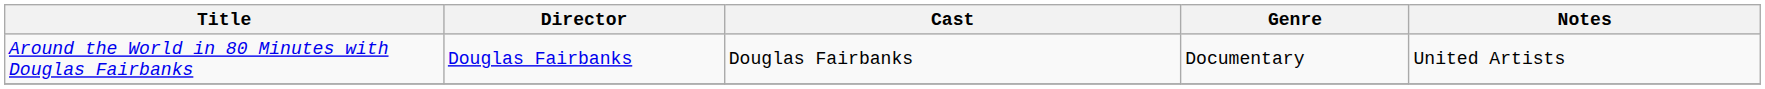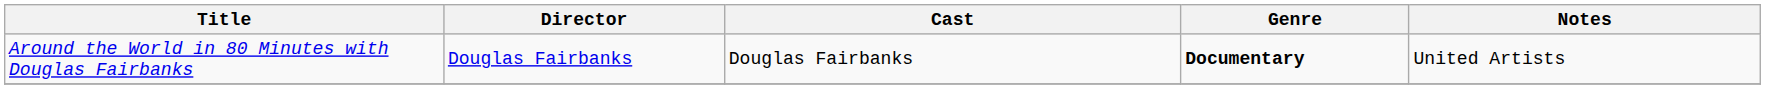 <table class="wikitable" style="width:100%;">
 <tr>
 <th style="width:25%;">Title</th>
 <th style="width:16%;">Director</th>
 <th style="width:26%;">Cast</th>
 <th style="width:13%;">Genre</th>
 <th style="width:20%;">Notes</th>
 </tr>
 <tr>
 <td><em><a href='#'>Around the World in 80 Minutes with Douglas Fairbanks</a></em></td>
 <td><a href='#'>Douglas Fairbanks</a></td>
 <td>Douglas Fairbanks</td>
-<td>Documentary</td>
+<td><strong>Documentary</strong></td>
 <td>United Artists</td>
 </tr>
 <tr>
 </tr>
 </table>
